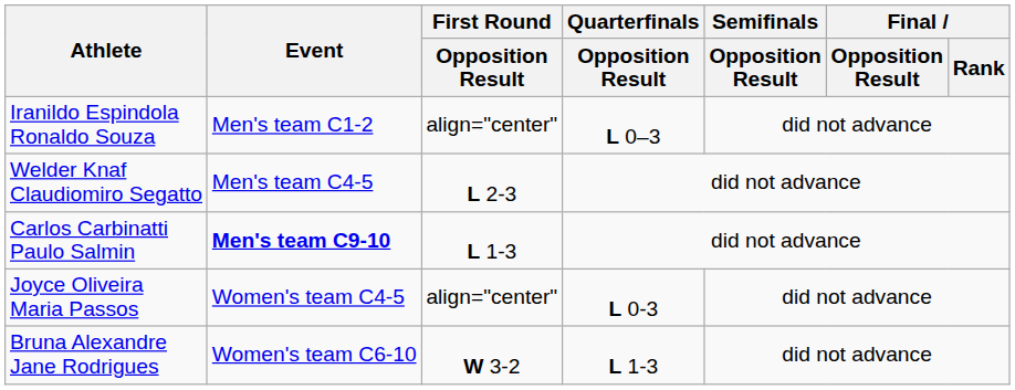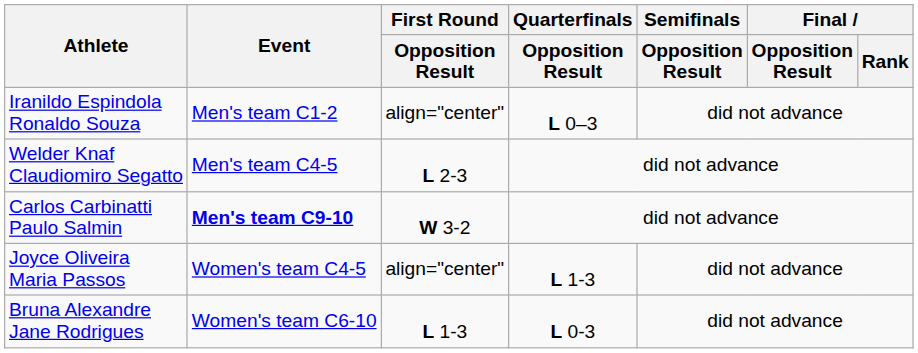 <table class=wikitable>
 <tr>
 <th rowspan="2">Athlete</th>
 <th rowspan="2">Event</th>
 <th>First Round</th>
 <th>Quarterfinals</th>
 <th>Semifinals</th>
 <th colspan="2">Final / </th>
 </tr>
 <tr>
 <th>Opposition<br>Result</th>
 <th>Opposition<br>Result</th>
 <th>Opposition<br>Result</th>
 <th>Opposition<br>Result</th>
 <th>Rank</th>
 </tr>
 <tr>
 <td><a href='#'>Iranildo Espindola</a><br> <a href='#'>Ronaldo Souza</a></td>
 <td><a href='#'>Men's team C1-2</a></td>
 <td>align="center" </td>
 <td align="center"><br><strong>L</strong> 0–3</td>
 <td align="center" colspan="3">did not advance</td>
 </tr>
 <tr>
 <td><a href='#'>Welder Knaf</a><br> <a href='#'>Claudiomiro Segatto</a></td>
 <td><a href='#'>Men's team C4-5</a></td>
 <td align="center"><br><strong>L</strong> 2-3</td>
 <td align="center" colspan="4">did not advance</td>
 </tr>
 <tr>
 <td><a href='#'>Carlos Carbinatti</a><br> <a href='#'>Paulo Salmin</a></td>
 <td><strong><a href='#'>Men's team C9-10</a></strong></td>
-<td align="center"><br><strong>L</strong> 1-3</td>
+<td align="center"><br><strong>W</strong> 3-2</td>
 <td align="center" colspan="4">did not advance</td>
 </tr>
 <tr>
 <td><a href='#'>Joyce Oliveira</a><br> <a href='#'>Maria Passos</a></td>
 <td><a href='#'>Women's team C4-5</a></td>
 <td>align="center" </td>
-<td align="center"><br><strong>L</strong> 0-3</td>
+<td align="center"><br><strong>L</strong> 1-3</td>
 <td align="center" colspan="3">did not advance</td>
 </tr>
 <tr>
 <td><a href='#'>Bruna Alexandre</a><br> <a href='#'>Jane Rodrigues</a></td>
 <td><a href='#'>Women's team C6-10</a></td>
-<td align="center"><br><strong>W</strong> 3-2</td>
 <td align="center"><br><strong>L</strong> 1-3</td>
+<td align="center"><br><strong>L</strong> 0-3</td>
 <td align="center" colspan="3">did not advance</td>
 </tr>
 </table>
